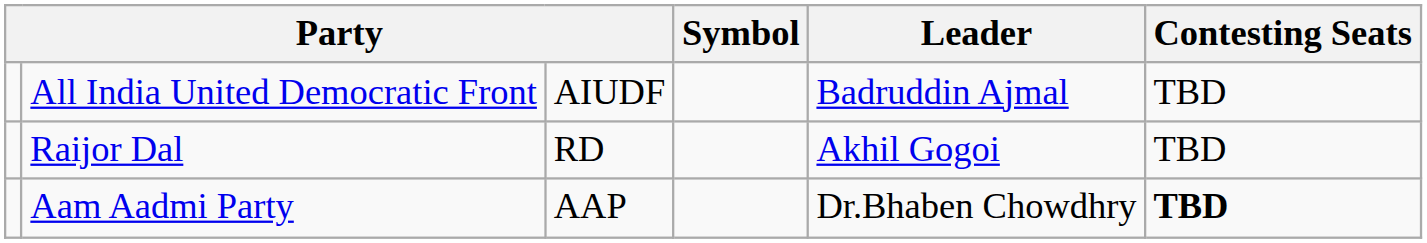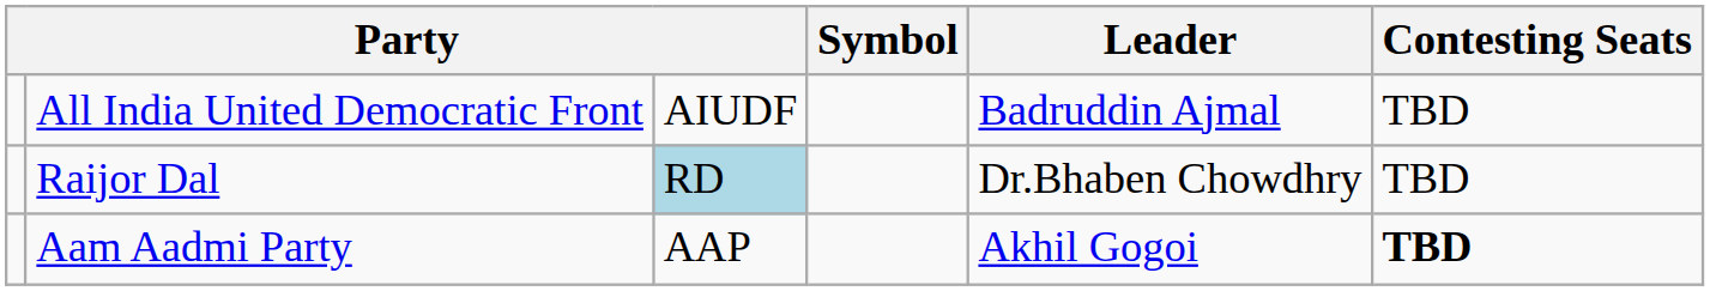 <table class="wikitable">
 <tr>
 <th colspan="3">Party</th>
 <th>Symbol</th>
 <th>Leader</th>
 <th>Contesting Seats</th>
 </tr>
 <tr>
 <td ! style="text-align:center; background:"></td>
 <td><a href='#'>All India United Democratic Front</a></td>
 <td>AIUDF</td>
 <td></td>
 <td><a href='#'>Badruddin Ajmal</a></td>
 <td>TBD</td>
 </tr>
 <tr>
 <td ! style="text-align:center; background:"></td>
 <td><a href='#'>Raijor Dal</a></td>
-<td>RD</td>
+<td style="background: lightblue;">RD</td>
 <td></td>
-<td><a href='#'>Akhil Gogoi</a></td>
+<td>Dr.Bhaben Chowdhry</td>
 <td>TBD</td>
 </tr>
 <tr>
 <td ! style="text-align:center; background:"></td>
 <td><a href='#'>Aam Aadmi Party</a></td>
 <td>AAP</td>
 <td></td>
-<td>Dr.Bhaben Chowdhry</td>
+<td><a href='#'>Akhil Gogoi</a></td>
 <td><strong>TBD</strong></td>
 </tr>
 </table>
